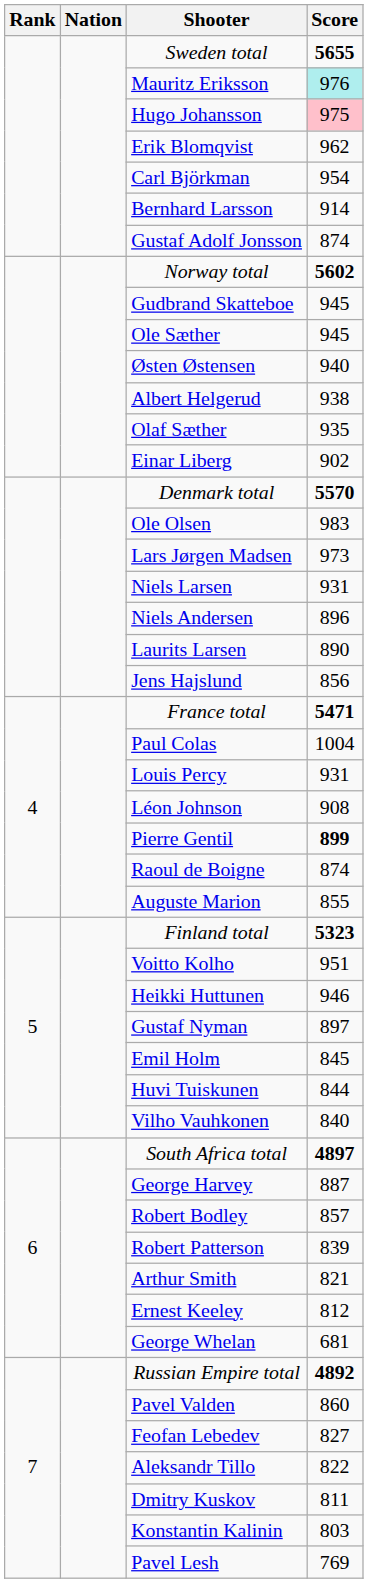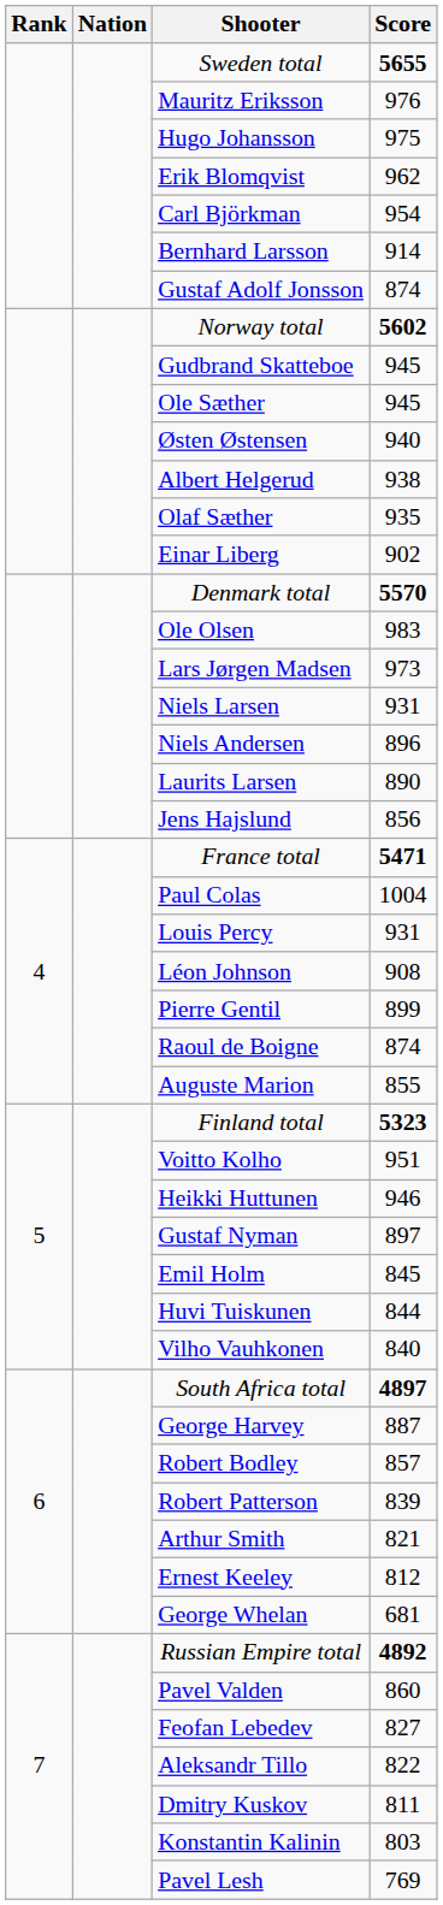 <table class="wikitable sortable" style="text-align:center">
 <tr>
 <th>Rank</th>
 <th>Nation</th>
 <th>Shooter</th>
 <th>Score</th>
 </tr>
 <tr>
 <td rowspan=7></td>
 <td rowspan=7 align=left></td>
 <td><em>Sweden total</em></td>
 <td><strong>5655</strong></td>
 </tr>
 <tr>
 <td align=left><a href='#'>Mauritz Eriksson</a></td>
-<td style="background: paleturquoise;">976</td>
+<td>976</td>
 </tr>
 <tr>
 <td align=left><a href='#'>Hugo Johansson</a></td>
-<td style="background: pink;">975</td>
+<td>975</td>
 </tr>
 <tr>
 <td align=left><a href='#'>Erik Blomqvist</a></td>
 <td>962</td>
 </tr>
 <tr>
 <td align=left><a href='#'>Carl Björkman</a></td>
 <td>954</td>
 </tr>
 <tr>
 <td align=left><a href='#'>Bernhard Larsson</a></td>
 <td>914</td>
 </tr>
 <tr>
 <td align=left><a href='#'>Gustaf Adolf Jonsson</a></td>
 <td>874</td>
 </tr>
 <tr>
 <td rowspan=7></td>
 <td rowspan=7 align=left></td>
 <td><em>Norway total</em></td>
 <td><strong>5602</strong></td>
 </tr>
 <tr>
 <td align=left><a href='#'>Gudbrand Skatteboe</a></td>
 <td>945</td>
 </tr>
 <tr>
 <td align=left><a href='#'>Ole Sæther</a></td>
 <td>945</td>
 </tr>
 <tr>
 <td align=left><a href='#'>Østen Østensen</a></td>
 <td>940</td>
 </tr>
 <tr>
 <td align=left><a href='#'>Albert Helgerud</a></td>
 <td>938</td>
 </tr>
 <tr>
 <td align=left><a href='#'>Olaf Sæther</a></td>
 <td>935</td>
 </tr>
 <tr>
 <td align=left><a href='#'>Einar Liberg</a></td>
 <td>902</td>
 </tr>
 <tr>
 <td rowspan=7></td>
 <td rowspan=7 align=left></td>
 <td><em>Denmark total</em></td>
 <td><strong>5570</strong></td>
 </tr>
 <tr>
 <td align=left><a href='#'>Ole Olsen</a></td>
 <td>983</td>
 </tr>
 <tr>
 <td align=left><a href='#'>Lars Jørgen Madsen</a></td>
 <td>973</td>
 </tr>
 <tr>
 <td align=left><a href='#'>Niels Larsen</a></td>
 <td>931</td>
 </tr>
 <tr>
 <td align=left><a href='#'>Niels Andersen</a></td>
 <td>896</td>
 </tr>
 <tr>
 <td align=left><a href='#'>Laurits Larsen</a></td>
 <td>890</td>
 </tr>
 <tr>
 <td align=left><a href='#'>Jens Hajslund</a></td>
 <td>856</td>
 </tr>
 <tr>
 <td rowspan=7>4</td>
 <td rowspan=7 align=left></td>
 <td><em>France total</em></td>
 <td><strong>5471</strong></td>
 </tr>
 <tr>
 <td align=left><a href='#'>Paul Colas</a></td>
 <td>1004</td>
 </tr>
 <tr>
 <td align=left><a href='#'>Louis Percy</a></td>
 <td>931</td>
 </tr>
 <tr>
 <td align=left><a href='#'>Léon Johnson</a></td>
 <td>908</td>
 </tr>
 <tr>
 <td align=left><a href='#'>Pierre Gentil</a></td>
-<td><strong>899</strong></td>
+<td>899</td>
 </tr>
 <tr>
 <td align=left><a href='#'>Raoul de Boigne</a></td>
 <td>874</td>
 </tr>
 <tr>
 <td align=left><a href='#'>Auguste Marion</a></td>
 <td>855</td>
 </tr>
 <tr>
 <td rowspan=7>5</td>
 <td rowspan=7 align=left></td>
 <td><em>Finland total</em></td>
 <td><strong>5323</strong></td>
 </tr>
 <tr>
 <td align=left><a href='#'>Voitto Kolho</a></td>
 <td>951</td>
 </tr>
 <tr>
 <td align=left><a href='#'>Heikki Huttunen</a></td>
 <td>946</td>
 </tr>
 <tr>
 <td align=left><a href='#'>Gustaf Nyman</a></td>
 <td>897</td>
 </tr>
 <tr>
 <td align=left><a href='#'>Emil Holm</a></td>
 <td>845</td>
 </tr>
 <tr>
 <td align=left><a href='#'>Huvi Tuiskunen</a></td>
 <td>844</td>
 </tr>
 <tr>
 <td align=left><a href='#'>Vilho Vauhkonen</a></td>
 <td>840</td>
 </tr>
 <tr>
 <td rowspan=7>6</td>
 <td rowspan=7 align=left></td>
 <td><em>South Africa total</em></td>
 <td><strong>4897</strong></td>
 </tr>
 <tr>
 <td align=left><a href='#'>George Harvey</a></td>
 <td>887</td>
 </tr>
 <tr>
 <td align=left><a href='#'>Robert Bodley</a></td>
 <td>857</td>
 </tr>
 <tr>
 <td align=left><a href='#'>Robert Patterson</a></td>
 <td>839</td>
 </tr>
 <tr>
 <td align=left><a href='#'>Arthur Smith</a></td>
 <td>821</td>
 </tr>
 <tr>
 <td align=left><a href='#'>Ernest Keeley</a></td>
 <td>812</td>
 </tr>
 <tr>
 <td align=left><a href='#'>George Whelan</a></td>
 <td>681</td>
 </tr>
 <tr>
 <td rowspan=7>7</td>
 <td rowspan=7 align=left></td>
 <td><em>Russian Empire total</em></td>
 <td><strong>4892</strong></td>
 </tr>
 <tr>
 <td align=left><a href='#'>Pavel Valden</a></td>
 <td>860</td>
 </tr>
 <tr>
 <td align=left><a href='#'>Feofan Lebedev</a></td>
 <td>827</td>
 </tr>
 <tr>
 <td align=left><a href='#'>Aleksandr Tillo</a></td>
 <td>822</td>
 </tr>
 <tr>
 <td align=left><a href='#'>Dmitry Kuskov</a></td>
 <td>811</td>
 </tr>
 <tr>
 <td align=left><a href='#'>Konstantin Kalinin</a></td>
 <td>803</td>
 </tr>
 <tr>
 <td align=left><a href='#'>Pavel Lesh</a></td>
 <td>769</td>
 </tr>
 </table>
